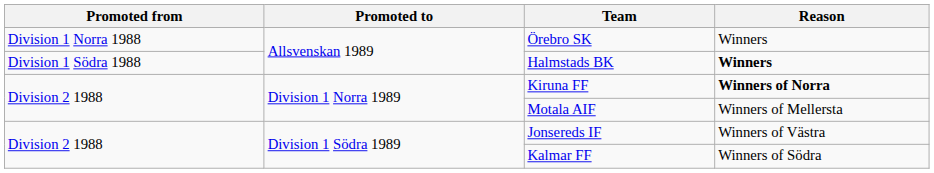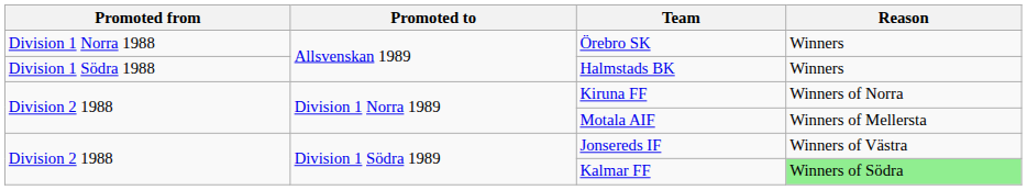 <table class="wikitable" style="text-align: left">
 <tr>
 <th style="width: 275px;">Promoted from</th>
 <th style="width: 275px;">Promoted to</th>
 <th style="width: 200px;">Team</th>
 <th style="width: 225px;">Reason</th>
 </tr>
 <tr>
 <td><a href='#'>Division 1</a> <a href='#'>Norra</a> 1988</td>
 <td rowspan=2><a href='#'>Allsvenskan</a> 1989</td>
 <td><a href='#'>Örebro SK</a></td>
 <td>Winners</td>
 </tr>
 <tr>
 <td><a href='#'>Division 1</a> <a href='#'>Södra</a> 1988</td>
 <td><a href='#'>Halmstads BK</a></td>
-<td><strong>Winners</strong></td>
+<td>Winners</td>
 </tr>
 <tr>
 <td rowspan=2><a href='#'>Division 2</a> 1988</td>
 <td rowspan=2><a href='#'>Division 1</a> <a href='#'>Norra</a> 1989</td>
 <td><a href='#'>Kiruna FF</a></td>
-<td><strong>Winners of Norra</strong></td>
+<td>Winners of Norra</td>
 </tr>
 <tr>
 <td><a href='#'>Motala AIF</a></td>
 <td>Winners of Mellersta</td>
 </tr>
 <tr>
 <td rowspan=2><a href='#'>Division 2</a> 1988</td>
 <td rowspan=2><a href='#'>Division 1</a> <a href='#'>Södra</a> 1989</td>
 <td><a href='#'>Jonsereds IF</a></td>
 <td>Winners of Västra</td>
 </tr>
 <tr>
 <td><a href='#'>Kalmar FF</a></td>
-<td>Winners of Södra</td>
+<td style="background: lightgreen;">Winners of Södra</td>
 </tr>
 </table>
